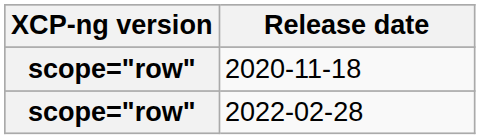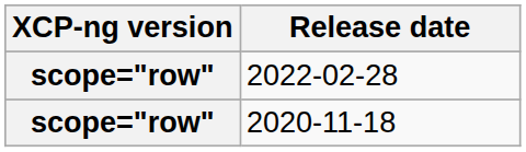 <table class="wikitable collapsible sortable">
 <tr>
 <th scope="col">XCP-ng version</th>
 <th scope="col" style="min-width: 9em;">Release date</th>
 </tr>
 <tr>
 <th>scope="row" </th>
-<td>2020-11-18</td>
+<td>2022-02-28</td>
 </tr>
 <tr>
 <th>scope="row" </th>
-<td>2022-02-28</td>
+<td>2020-11-18</td>
 </tr>
 </table>
